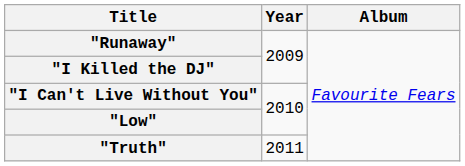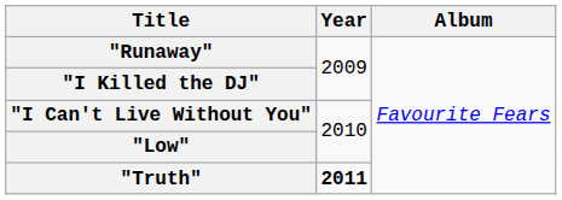 <table class="wikitable" style="text-align:center;" border="1">
 <tr>
 <th scope="col">Title</th>
 <th scope="col">Year</th>
 <th scope="col">Album</th>
 </tr>
 <tr>
 <th scope="row">"Runaway"</th>
 <td rowspan="2">2009</td>
 <td rowspan="5"><em><a href='#'>Favourite Fears</a></em></td>
 </tr>
 <tr>
 <th scope="row">"I Killed the DJ"</th>
 </tr>
 <tr>
 <th scope="row">"I Can't Live Without You"</th>
 <td rowspan="2">2010</td>
 </tr>
 <tr>
 <th scope="row">"Low"</th>
 </tr>
 <tr>
 <th scope="row">"Truth"</th>
-<td>2011</td>
+<td><strong>2011</strong></td>
 </tr>
 </table>
